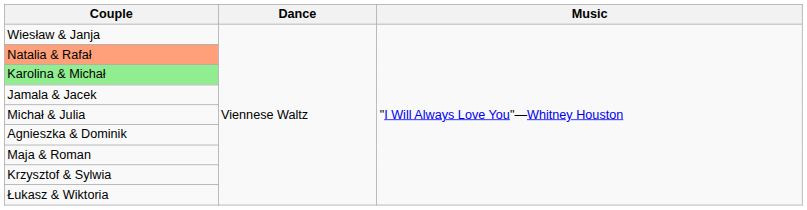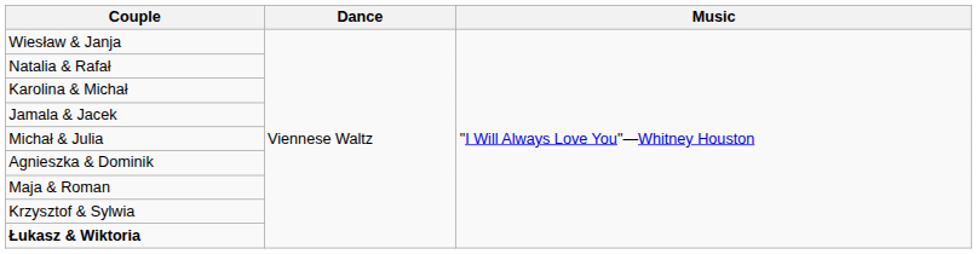 <table class="wikitable" style="width:80%;">
 <tr>
 <th>Couple</th>
 <th>Dance</th>
 <th>Music</th>
 </tr>
 <tr>
 <td>Wiesław & Janja</td>
 <td rowspan="9">Viennese Waltz</td>
 <td rowspan="9">"<a href='#'>I Will Always Love You</a>"—<a href='#'>Whitney Houston</a></td>
 </tr>
 <tr>
-<td style="background: lightsalmon;">Natalia & Rafał</td>
+<td>Natalia & Rafał</td>
 </tr>
 <tr>
-<td style="background: lightgreen;">Karolina & Michał</td>
+<td>Karolina & Michał</td>
 </tr>
 <tr>
 <td>Jamala & Jacek</td>
 </tr>
 <tr>
 <td>Michał & Julia</td>
 </tr>
 <tr>
 <td>Agnieszka & Dominik</td>
 </tr>
 <tr>
 <td>Maja & Roman</td>
 </tr>
 <tr>
 <td>Krzysztof & Sylwia</td>
 </tr>
 <tr>
-<td>Łukasz & Wiktoria</td>
+<td><strong>Łukasz & Wiktoria</strong></td>
 </tr>
 </table>
